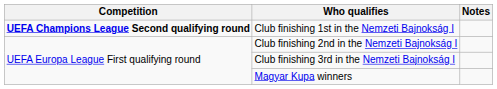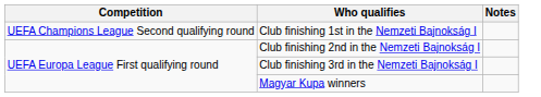 <table class="wikitable">
 <tr>
 <th>Competition</th>
 <th>Who qualifies</th>
 <th>Notes</th>
 </tr>
 <tr>
-<td><strong><a href='#'>UEFA Champions League</a> Second qualifying round</strong></td>
+<td><a href='#'>UEFA Champions League</a> Second qualifying round</td>
 <td>Club finishing 1st in the <a href='#'>Nemzeti Bajnokság I</a></td>
 <td></td>
 </tr>
 <tr>
 <td rowspan="3"><a href='#'>UEFA Europa League</a> First qualifying round</td>
 <td>Club finishing 2nd in the <a href='#'>Nemzeti Bajnokság I</a></td>
 <td></td>
 </tr>
 <tr>
 <td>Club finishing 3rd in the <a href='#'>Nemzeti Bajnokság I</a></td>
 <td></td>
 </tr>
 <tr>
 <td><a href='#'>Magyar Kupa</a> winners</td>
 <td></td>
 </tr>
 </table>
